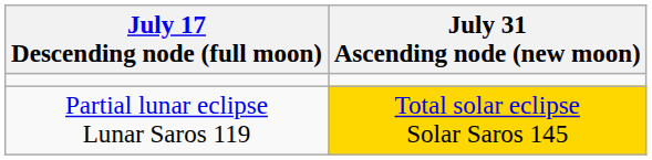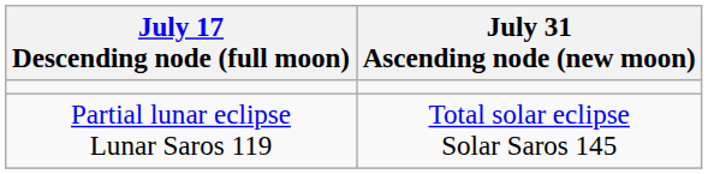 <table class="wikitable">
 <tr>
 <th><a href='#'>July 17</a><br>Descending node (full moon)<br></th>
 <th>July 31<br>Ascending node (new moon)<br></th>
 </tr>
 <tr>
 <td></td>
 <td></td>
 </tr>
 <tr align=center>
 <td><a href='#'>Partial lunar eclipse</a><br>Lunar Saros 119</td>
-<td style="background: gold;"><a href='#'>Total solar eclipse</a><br>Solar Saros 145</td>
+<td><a href='#'>Total solar eclipse</a><br>Solar Saros 145</td>
 </tr>
 </table>
